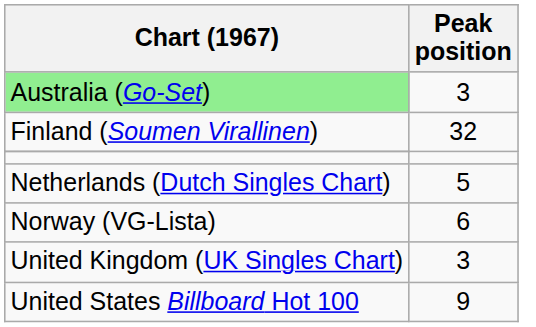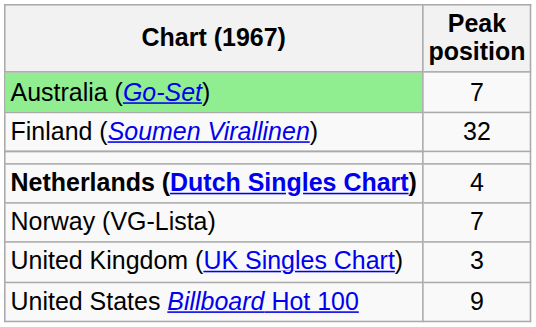 <table class="wikitable sortable">
 <tr>
 <th>Chart (1967)</th>
 <th>Peak<br>position</th>
 </tr>
 <tr>
 <td style="background: lightgreen;">Australia (<em><a href='#'>Go-Set</a></em>)</td>
-<td style="text-align:center;">3</td>
+<td style="text-align:center;">7</td>
 </tr>
 <tr>
 <td>Finland (<a href='#'><em>Soumen Virallinen</em></a>)</td>
 <td style="text-align:center;">32</td>
 </tr>
 <tr>
 </tr>
 <tr>
 <td></td>
 </tr>
 <tr>
-<td>Netherlands (<a href='#'>Dutch Singles Chart</a>)</td>
-<td style="text-align:center;">5</td>
+<td><strong>Netherlands (<a href='#'>Dutch Singles Chart</a>)</strong></td>
+<td style="text-align:center;">4</td>
 </tr>
 <tr>
 <td>Norway (VG-Lista)</td>
-<td style="text-align:center;">6</td>
+<td style="text-align:center;">7</td>
 </tr>
 <tr>
 <td>United Kingdom (<a href='#'>UK Singles Chart</a>)</td>
 <td style="text-align:center;">3</td>
 </tr>
 <tr>
 <td>United States <a href='#'><em>Billboard</em> Hot 100</a></td>
 <td style="text-align:center;">9</td>
 </tr>
 </table>
